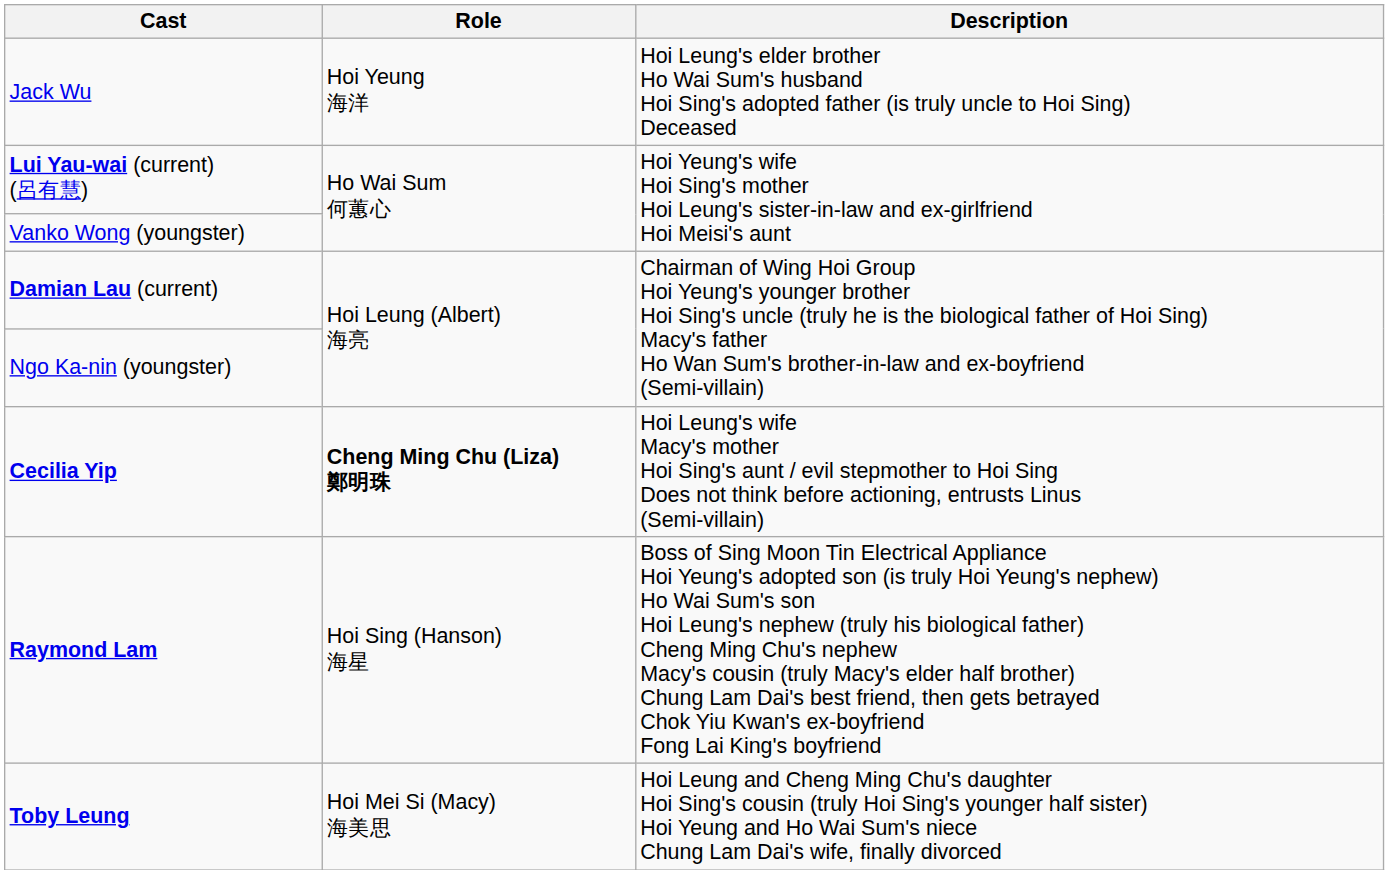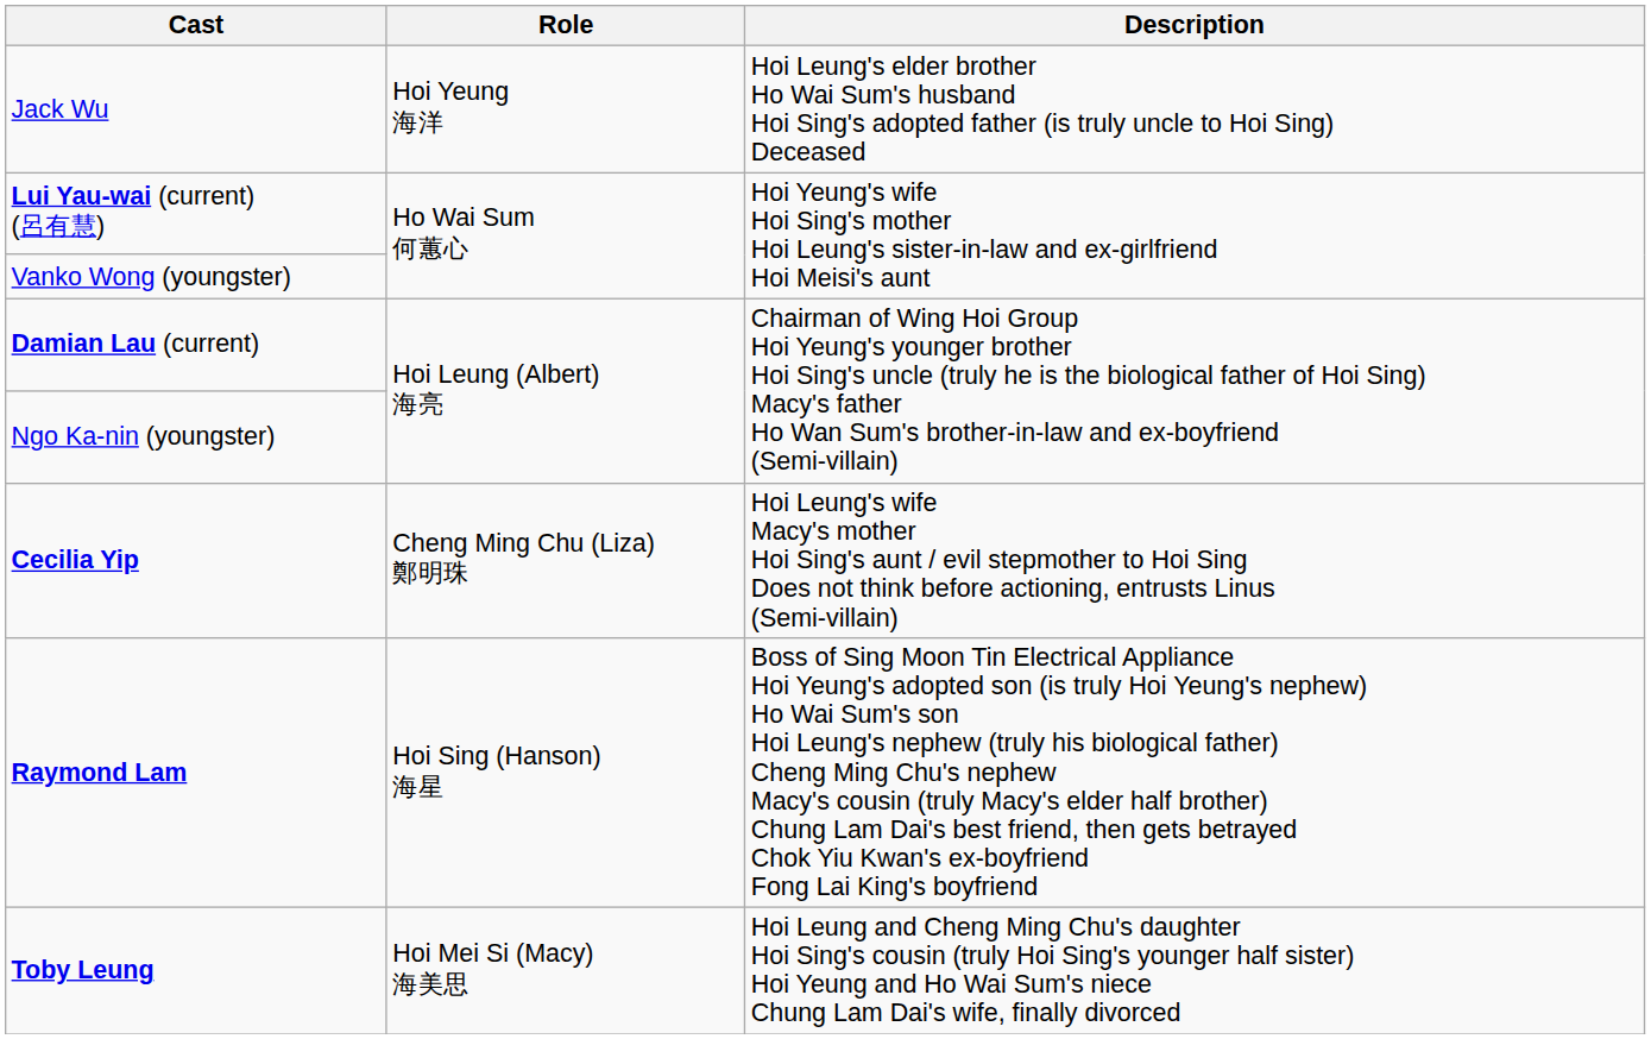 <table class="wikitable" width="65%">
 <tr>
 <th>Cast</th>
 <th>Role</th>
 <th>Description</th>
 </tr>
 <tr>
 <td><a href='#'>Jack Wu</a></td>
 <td>Hoi Yeung<br>海洋</td>
 <td>Hoi Leung's elder brother<br>Ho Wai Sum's husband<br>Hoi Sing's adopted father (is truly uncle to Hoi Sing)<br>Deceased</td>
 </tr>
 <tr>
 <td><strong><a href='#'>Lui Yau-wai</a></strong> (current)<br>(<a href='#'>呂有慧</a>)</td>
 <td rowspan="2">Ho Wai Sum<br>何蕙心</td>
 <td rowspan="2">Hoi Yeung's wife<br>Hoi Sing's mother<br>Hoi Leung's sister-in-law and ex-girlfriend<br>Hoi Meisi's aunt</td>
 </tr>
 <tr>
 <td><a href='#'>Vanko Wong</a> (youngster)</td>
 </tr>
 <tr>
 <td><strong><a href='#'>Damian Lau</a></strong> (current)</td>
 <td rowspan="2">Hoi Leung (Albert)<br>海亮</td>
 <td rowspan="2">Chairman of Wing Hoi Group<br>Hoi Yeung's younger brother<br>Hoi Sing's uncle (truly he is the biological father of Hoi Sing)<br>Macy's father<br>Ho Wan Sum's brother-in-law and ex-boyfriend<br>(Semi-villain)</td>
 </tr>
 <tr>
 <td><a href='#'>Ngo Ka-nin</a> (youngster)</td>
 </tr>
 <tr>
 <td><strong><a href='#'>Cecilia Yip</a></strong></td>
-<td><strong>Cheng Ming Chu (Liza)<br>鄭明珠</strong></td>
+<td>Cheng Ming Chu (Liza)<br>鄭明珠</td>
 <td>Hoi Leung's wife<br>Macy's mother<br>Hoi Sing's aunt / evil stepmother to Hoi Sing<br> Does not think before actioning, entrusts Linus<br>(Semi-villain)</td>
 </tr>
 <tr>
 <td><strong><a href='#'>Raymond Lam</a></strong></td>
 <td>Hoi Sing (Hanson)<br>海星</td>
 <td>Boss of Sing Moon Tin Electrical Appliance<br>Hoi Yeung's adopted son (is truly Hoi Yeung's nephew)<br> Ho Wai Sum's son <br> Hoi Leung's nephew (truly his biological father)<br> Cheng Ming Chu's nephew<br> Macy's cousin (truly Macy's elder half brother)<br>Chung Lam Dai's best friend, then gets betrayed<br>Chok Yiu Kwan's ex-boyfriend<br>Fong Lai King's boyfriend</td>
 </tr>
 <tr>
 <td><strong><a href='#'>Toby Leung</a></strong></td>
 <td>Hoi Mei Si (Macy)<br>海美思</td>
 <td>Hoi Leung and Cheng Ming Chu's daughter <br> Hoi Sing's cousin (truly Hoi Sing's younger half sister)<br> Hoi Yeung and Ho Wai Sum's niece<br>Chung Lam Dai's wife, finally divorced</td>
 </tr>
 <tr>
 </tr>
 </table>
